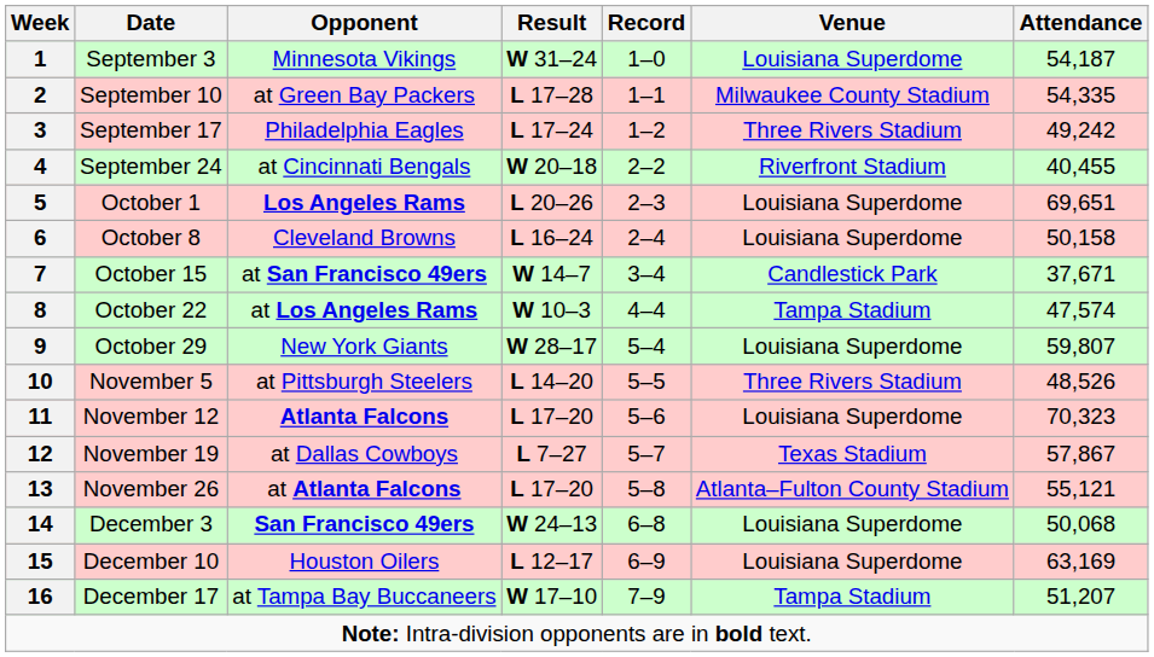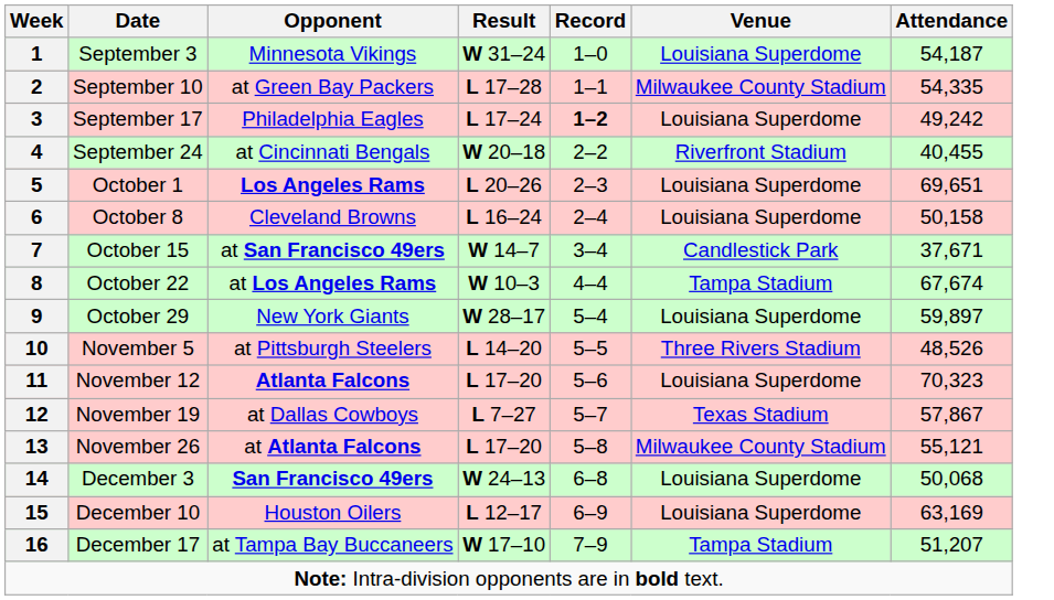 <table class="wikitable"  style="text-align: center;">
 <tr>
 <th>Week</th>
 <th>Date</th>
 <th>Opponent</th>
 <th>Result</th>
 <th>Record</th>
 <th>Venue</th>
 <th>Attendance</th>
 </tr>
 <tr style="background:#cfc">
 <th>1</th>
 <td>September 3</td>
 <td><a href='#'>Minnesota Vikings</a></td>
 <td><strong>W</strong> 31–24</td>
 <td>1–0</td>
 <td><a href='#'>Louisiana Superdome</a></td>
 <td>54,187</td>
 </tr>
 <tr style="background:#fcc">
 <th>2</th>
 <td>September 10</td>
 <td>at <a href='#'>Green Bay Packers</a></td>
 <td><strong>L</strong> 17–28</td>
 <td>1–1</td>
 <td><a href='#'>Milwaukee County Stadium</a></td>
 <td>54,335</td>
 </tr>
 <tr style="background:#fcc">
 <th>3</th>
 <td>September 17</td>
 <td><a href='#'>Philadelphia Eagles</a></td>
 <td><strong>L</strong> 17–24</td>
-<td>1–2</td>
-<td><a href='#'>Three Rivers Stadium</a></td>
+<td><strong>1–2</strong></td>
+<td>Louisiana Superdome</td>
 <td>49,242</td>
 </tr>
 <tr style="background:#cfc">
 <th>4</th>
 <td>September 24</td>
 <td>at <a href='#'>Cincinnati Bengals</a></td>
 <td><strong>W</strong> 20–18</td>
 <td>2–2</td>
 <td><a href='#'>Riverfront Stadium</a></td>
 <td>40,455</td>
 </tr>
 <tr style="background:#fcc">
 <th>5</th>
 <td>October 1</td>
 <td><strong><a href='#'>Los Angeles Rams</a></strong></td>
 <td><strong>L</strong> 20–26</td>
 <td>2–3</td>
 <td>Louisiana Superdome</td>
 <td>69,651</td>
 </tr>
 <tr style="background:#fcc">
 <th>6</th>
 <td>October 8</td>
 <td><a href='#'>Cleveland Browns</a></td>
 <td><strong>L</strong> 16–24</td>
 <td>2–4</td>
 <td>Louisiana Superdome</td>
 <td>50,158</td>
 </tr>
 <tr style="background:#cfc">
 <th>7</th>
 <td>October 15</td>
 <td>at <strong><a href='#'>San Francisco 49ers</a></strong></td>
 <td><strong>W</strong> 14–7</td>
 <td>3–4</td>
 <td><a href='#'>Candlestick Park</a></td>
 <td>37,671</td>
 </tr>
 <tr style="background:#cfc">
 <th>8</th>
 <td>October 22</td>
 <td>at <strong><a href='#'>Los Angeles Rams</a></strong></td>
 <td><strong>W</strong> 10–3</td>
 <td>4–4</td>
 <td><a href='#'>Tampa Stadium</a></td>
-<td>47,574</td>
+<td>67,674</td>
 </tr>
 <tr style="background:#cfc">
 <th>9</th>
 <td>October 29</td>
 <td><a href='#'>New York Giants</a></td>
 <td><strong>W</strong> 28–17</td>
 <td>5–4</td>
 <td>Louisiana Superdome</td>
-<td>59,807</td>
+<td>59,897</td>
 </tr>
 <tr style="background:#fcc">
 <th>10</th>
 <td>November 5</td>
 <td>at <a href='#'>Pittsburgh Steelers</a></td>
 <td><strong>L</strong> 14–20</td>
 <td>5–5</td>
 <td><a href='#'>Three Rivers Stadium</a></td>
 <td>48,526</td>
 </tr>
 <tr style="background:#fcc">
 <th>11</th>
 <td>November 12</td>
 <td><strong><a href='#'>Atlanta Falcons</a></strong></td>
 <td><strong>L</strong> 17–20</td>
 <td>5–6</td>
 <td>Louisiana Superdome</td>
 <td>70,323</td>
 </tr>
 <tr style="background:#fcc">
 <th>12</th>
 <td>November 19</td>
 <td>at <a href='#'>Dallas Cowboys</a></td>
 <td><strong>L</strong> 7–27</td>
 <td>5–7</td>
 <td><a href='#'>Texas Stadium</a></td>
 <td>57,867</td>
 </tr>
 <tr style="background:#fcc">
 <th>13</th>
 <td>November 26</td>
 <td>at <strong><a href='#'>Atlanta Falcons</a></strong></td>
 <td><strong>L</strong> 17–20</td>
 <td>5–8</td>
-<td><a href='#'>Atlanta–Fulton County Stadium</a></td>
+<td><a href='#'>Milwaukee County Stadium</a></td>
 <td>55,121</td>
 </tr>
 <tr style="background:#cfc">
 <th>14</th>
 <td>December 3</td>
 <td><strong><a href='#'>San Francisco 49ers</a></strong></td>
 <td><strong>W</strong> 24–13</td>
 <td>6–8</td>
 <td>Louisiana Superdome</td>
 <td>50,068</td>
 </tr>
 <tr style="background:#fcc">
 <th>15</th>
 <td>December 10</td>
 <td><a href='#'>Houston Oilers</a></td>
 <td><strong>L</strong> 12–17</td>
 <td>6–9</td>
 <td>Louisiana Superdome</td>
 <td>63,169</td>
 </tr>
 <tr style="background:#cfc">
 <th>16</th>
 <td>December 17</td>
 <td>at <a href='#'>Tampa Bay Buccaneers</a></td>
 <td><strong>W</strong> 17–10</td>
 <td>7–9</td>
 <td><a href='#'>Tampa Stadium</a></td>
 <td>51,207</td>
 </tr>
 <tr>
 <td colspan="7"><strong>Note:</strong> Intra-division opponents are in <strong>bold</strong> text.</td>
 </tr>
 </table>
